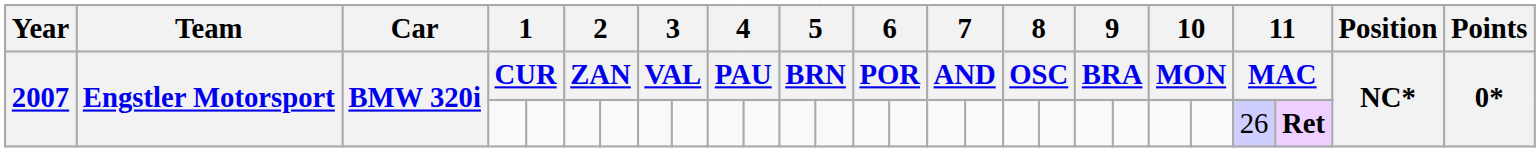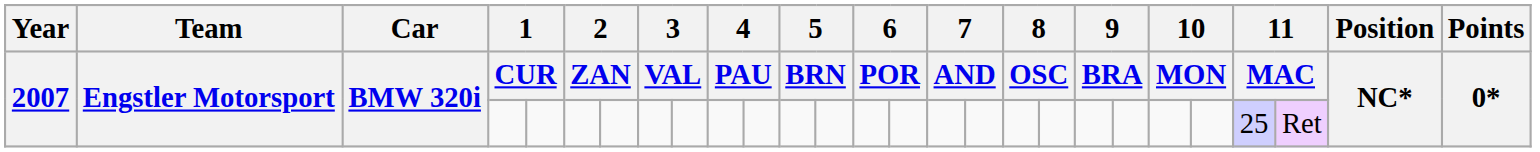 <table class="wikitable" style="text-align:center; font-size:85%">
 <tr>
 <th>Year</th>
 <th>Team</th>
 <th>Car</th>
 <th colspan=2>1</th>
 <th colspan=2>2</th>
 <th colspan=2>3</th>
 <th colspan=2>4</th>
 <th colspan=2>5</th>
 <th colspan=2>6</th>
 <th colspan=2>7</th>
 <th colspan=2>8</th>
 <th colspan=2>9</th>
 <th colspan=2>10</th>
 <th colspan=2>11</th>
 <th>Position</th>
 <th>Points</th>
 </tr>
 <tr>
 <th rowspan=2><a href='#'>2007</a></th>
 <th rowspan=2><a href='#'>Engstler Motorsport</a></th>
 <th rowspan=2><a href='#'>BMW 320i</a></th>
 <th colspan=2><a href='#'>CUR</a> </th>
 <th colspan=2><a href='#'>ZAN</a> </th>
 <th colspan=2><a href='#'>VAL</a> </th>
 <th colspan=2><a href='#'>PAU</a> </th>
 <th colspan=2><a href='#'>BRN</a> </th>
 <th colspan=2><a href='#'>POR</a> </th>
 <th colspan=2><a href='#'>AND</a> </th>
 <th colspan=2><a href='#'>OSC</a> </th>
 <th colspan=2><a href='#'>BRA</a> </th>
 <th colspan=2><a href='#'>MON</a> </th>
 <th colspan=2><a href='#'>MAC</a> </th>
 <th rowspan=2>NC*</th>
 <th rowspan=2>0*</th>
 </tr>
 <tr>
 <td></td>
 <td></td>
 <td></td>
 <td></td>
 <td></td>
 <td></td>
 <td></td>
 <td></td>
 <td></td>
 <td></td>
 <td></td>
 <td></td>
 <td></td>
 <td></td>
 <td></td>
 <td></td>
 <td></td>
 <td></td>
 <td></td>
 <td></td>
-<td style="background:#cfcfff;">26</td>
-<td style="background:#efcfff;"><strong>Ret</strong></td>
+<td style="background:#cfcfff;">25</td>
+<td style="background:#efcfff;">Ret</td>
 </tr>
 </table>
